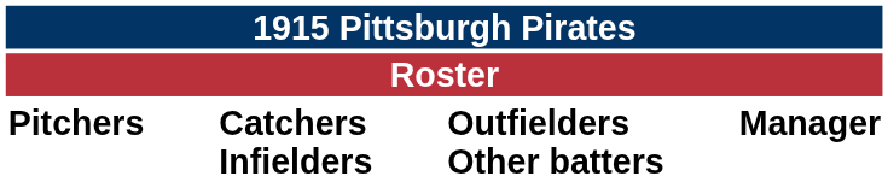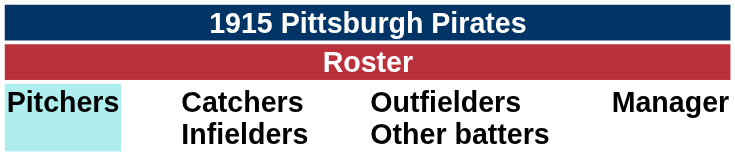 <table class="toccolours" style="font-size: 95%;">
 <tr>
 <th colspan="10" style="background-color: #023465; color: white; text-align: center;">1915 Pittsburgh Pirates</th>
 </tr>
 <tr>
 <td colspan="10" style="background-color: #ba313c; color: white; text-align: center;"><strong>Roster</strong></td>
 </tr>
 <tr>
-<td valign="top"><strong>Pitchers</strong><br>          </td>
+<td valign="top" style="background: paleturquoise;"><strong>Pitchers</strong><br>          </td>
 <td width="25px"></td>
 <td valign="top"><strong>Catchers</strong><br>    <strong>Infielders</strong>        </td>
 <td width="25px"></td>
 <td valign="top"><strong>Outfielders</strong><br>         <strong>Other batters</strong>  </td>
 <td width="25px"></td>
 <td valign="top"><strong>Manager</strong><br></td>
 </tr>
 </table>
